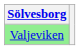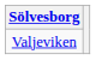 <table class="wikitable" style="text-align:center;">
 <tr>
 <th><a href='#'>Sölvesborg</a></th>
 <th rowspan=2></th>
 </tr>
 <tr>
-<td style="background: lightgreen;"><a href='#'>Valjeviken</a></td>
+<td><a href='#'>Valjeviken</a></td>
 </tr>
 </table>
